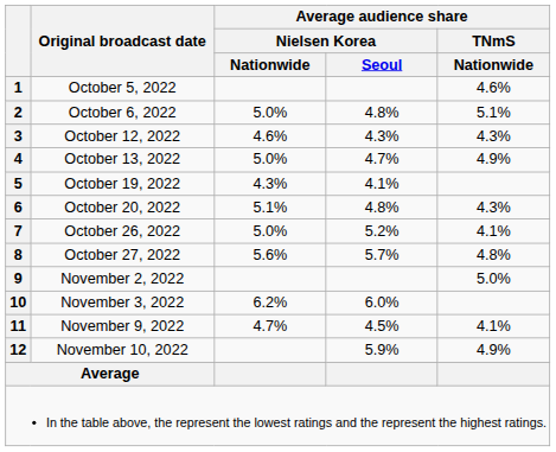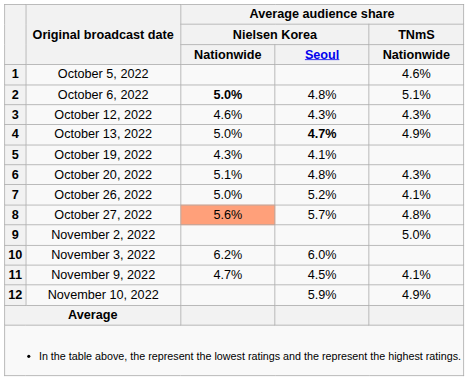 <table class="wikitable" style="text-align:center; max-width:600px; margin-left:auto; margin-right:auto">
 <tr>
 <th scope="col" rowspan="3"></th>
 <th scope="col" rowspan="3">Original broadcast date</th>
 <th scope="col" colspan="3">Average audience share</th>
 </tr>
 <tr>
 <th scope="col" colspan="2">Nielsen Korea</th>
 <th scope="col">TNmS</th>
 </tr>
 <tr>
 <th scope="col" style="width:7em">Nationwide</th>
 <th scope="col" style="width:7em"><a href='#'>Seoul</a></th>
 <th scope="col" style="width:7em">Nationwide</th>
 </tr>
 <tr>
 <th scope="col">1</th>
 <td>October 5, 2022</td>
 <td><strong></strong> </td>
 <td><strong></strong> </td>
 <td>4.6% </td>
 </tr>
 <tr>
 <th scope="col">2</th>
 <td>October 6, 2022</td>
-<td>5.0% </td>
+<td><strong>5.0% </strong></td>
 <td>4.8% </td>
 <td>5.1% </td>
 </tr>
 <tr>
 <th scope="col">3</th>
 <td>October 12, 2022</td>
 <td>4.6% </td>
 <td>4.3% </td>
 <td>4.3% </td>
 </tr>
 <tr>
 <th scope="col">4</th>
 <td>October 13, 2022</td>
 <td>5.0% </td>
-<td>4.7% </td>
+<td><strong>4.7% </strong></td>
 <td>4.9% </td>
 </tr>
 <tr>
 <th scope="col">5</th>
 <td>October 19, 2022</td>
 <td>4.3% </td>
 <td>4.1% </td>
 <td><strong></strong> </td>
 </tr>
 <tr>
 <th scope="col">6</th>
 <td>October 20, 2022</td>
 <td>5.1% </td>
 <td>4.8% </td>
 <td>4.3% </td>
 </tr>
 <tr>
 <th scope="col">7</th>
 <td>October 26, 2022</td>
 <td>5.0% </td>
 <td>5.2% </td>
 <td>4.1% </td>
 </tr>
 <tr>
 <th scope="col">8</th>
 <td>October 27, 2022</td>
-<td>5.6% </td>
+<td style="background: lightsalmon;">5.6% </td>
 <td>5.7% </td>
 <td>4.8% </td>
 </tr>
 <tr>
 <th scope="col">9</th>
 <td>November 2, 2022</td>
 <td><strong></strong> </td>
 <td><strong></strong> </td>
 <td>5.0% </td>
 </tr>
 <tr>
 <th scope="col">10</th>
 <td>November 3, 2022</td>
 <td>6.2% </td>
 <td>6.0% </td>
 <td><strong></strong> </td>
 </tr>
 <tr>
 <th scope="col">11</th>
 <td>November 9, 2022</td>
 <td>4.7% </td>
 <td>4.5% </td>
 <td>4.1% </td>
 </tr>
 <tr>
 <th scope="col">12</th>
 <td>November 10, 2022</td>
 <td><strong></strong> </td>
 <td>5.9% </td>
 <td>4.9% </td>
 </tr>
 <tr>
 <th scope="col" colspan="2">Average</th>
 <th scope="col"></th>
 <th scope="col"></th>
 <th scope="col"></th>
 </tr>
 <tr>
 <td colspan="6" style="font-size:85%"><br><ul><li>In the table above, the <strong></strong> represent the lowest ratings and the <strong></strong> represent the highest ratings.</li></ul></td>
 </tr>
 </table>
